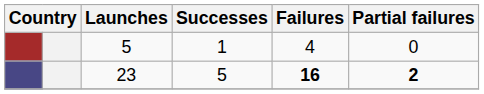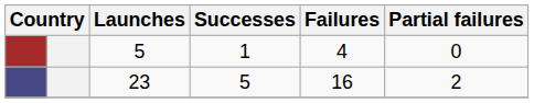 <table class="wikitable sortable" style="text-align:center;">
 <tr>
 <th scope=col colspan=2>Country</th>
 <th scope=col>Launches</th>
 <th scope=col>Successes</th>
 <th scope=col>Failures</th>
 <th scope=col>Partial failures</th>
 </tr>
 <tr>
 <th scope=row style="background:#a52a2a;"></th>
 <th style="text-align:left;"></th>
 <td>5</td>
 <td>1</td>
 <td>4</td>
 <td>0</td>
 </tr>
 <tr>
 <th scope=row style="background:#484785;"></th>
 <th style="text-align:left;"></th>
 <td>23</td>
 <td>5</td>
-<td><strong>16</strong></td>
-<td><strong>2</strong></td>
+<td>16</td>
+<td>2</td>
 </tr>
 <tr>
 </tr>
 </table>
